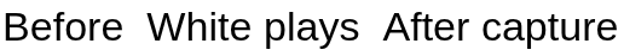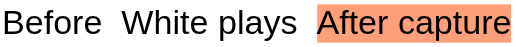 <table border="0" cellspacing="0" cellpadding="0">
 <tr valign="top">
 <td><br></td>
 <td>  </td>
 <td><br></td>
 <td>  </td>
 <td><br></td>
 </tr>
 <tr valign="top">
 <td>Before</td>
 <td>  </td>
 <td>White plays</td>
 <td>  </td>
-<td>After capture</td>
+<td style="background: lightsalmon;">After capture</td>
 </tr>
 </table>
